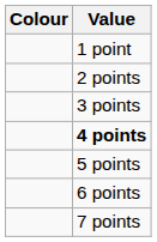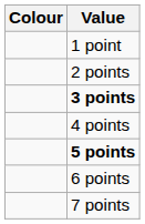 <table class="wikitable floatleft">
 <tr>
 <th>Colour</th>
 <th>Value</th>
 </tr>
 <tr>
 <td> </td>
 <td>1 point</td>
 </tr>
 <tr>
 <td> </td>
 <td>2 points</td>
 </tr>
 <tr>
 <td> </td>
-<td>3 points</td>
+<td><strong>3 points</strong></td>
 </tr>
 <tr>
 <td> </td>
-<td><strong>4 points</strong></td>
+<td>4 points</td>
 </tr>
 <tr>
 <td> </td>
-<td>5 points</td>
+<td><strong>5 points</strong></td>
 </tr>
 <tr>
 <td> </td>
 <td>6 points</td>
 </tr>
 <tr>
 <td> </td>
 <td>7 points</td>
 </tr>
 </table>
